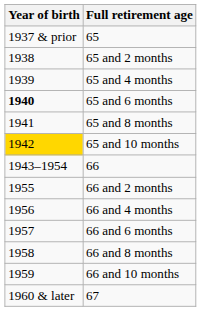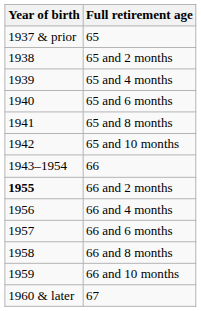 <table class="wikitable" style="margin:auto; margin:0 0 1em 1em; font-size:95%; float:right;">
 <tr>
 <th>Year of birth</th>
 <th>Full retirement age</th>
 </tr>
 <tr>
 <td>1937 & prior</td>
 <td>65</td>
 </tr>
 <tr>
 <td>1938</td>
 <td>65 and 2 months</td>
 </tr>
 <tr>
 <td>1939</td>
 <td>65 and 4 months</td>
 </tr>
 <tr>
-<td><strong>1940</strong></td>
+<td>1940</td>
 <td>65 and 6 months</td>
 </tr>
 <tr>
 <td>1941</td>
 <td>65 and 8 months</td>
 </tr>
 <tr>
-<td style="background: gold;">1942</td>
+<td>1942</td>
 <td>65 and 10 months</td>
 </tr>
 <tr>
 <td>1943–1954</td>
 <td>66</td>
 </tr>
 <tr>
-<td>1955</td>
+<td><strong>1955</strong></td>
 <td>66 and 2 months</td>
 </tr>
 <tr>
 <td>1956</td>
 <td>66 and 4 months</td>
 </tr>
 <tr>
 <td>1957</td>
 <td>66 and 6 months</td>
 </tr>
 <tr>
 <td>1958</td>
 <td>66 and 8 months</td>
 </tr>
 <tr>
 <td>1959</td>
 <td>66 and 10 months</td>
 </tr>
 <tr>
 <td>1960 & later</td>
 <td>67</td>
 </tr>
 </table>
